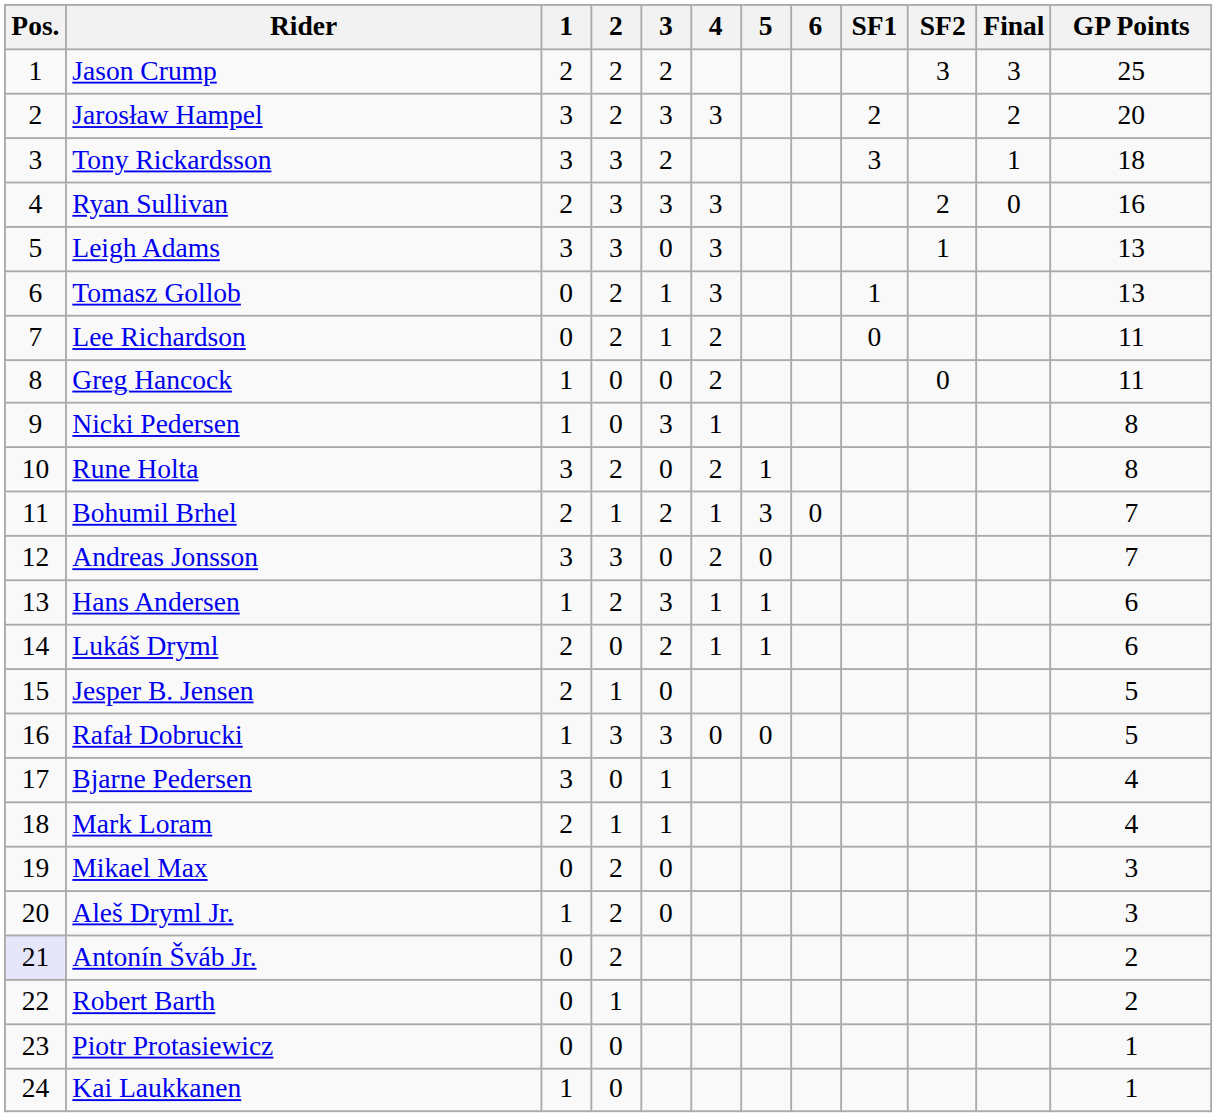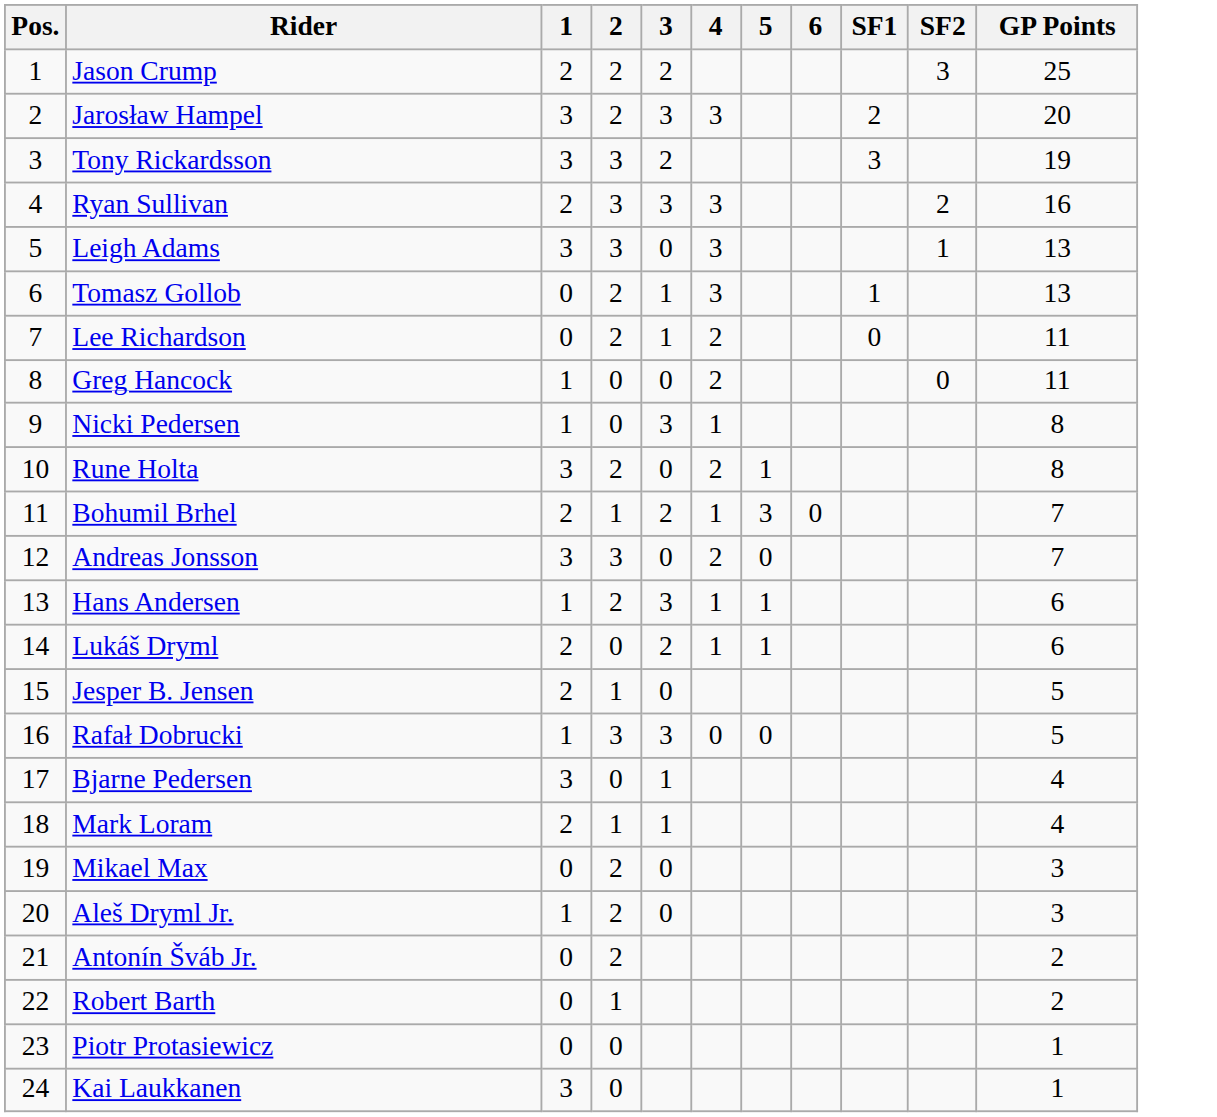 <table class=wikitable style="font-size:93%;">
 <tr>
 <th width=25px>Pos.</th>
 <th width=250px>Rider</th>
 <th width=20px>1</th>
 <th width=20px>2</th>
 <th width=20px>3</th>
 <th width=20px>4</th>
 <th width=20px>5</th>
 <th width=20px>6</th>
 <th width=30px>SF1</th>
 <th width=30px>SF2</th>
-<th width=30px>Final</th>
 <th width=80px>GP Points</th>
 </tr>
 <tr align=center style="background-color:">
 <td>1</td>
 <td align=left> <a href='#'>Jason Crump</a></td>
 <td>2</td>
 <td>2</td>
 <td>2</td>
 <td></td>
 <td></td>
 <td></td>
 <td></td>
-<td>3</td>
 <td>3</td>
 <td>25</td>
 </tr>
 <tr align=center style="background-color:">
 <td>2</td>
 <td align=left> <a href='#'>Jarosław Hampel</a></td>
 <td>3</td>
 <td>2</td>
 <td>3</td>
 <td>3</td>
 <td></td>
 <td></td>
 <td> 2</td>
 <td></td>
-<td>2</td>
 <td>20</td>
 </tr>
 <tr align=center style="background-color:">
 <td>3</td>
 <td align=left> <a href='#'>Tony Rickardsson</a></td>
 <td>3</td>
 <td>3</td>
 <td>2</td>
 <td></td>
 <td></td>
 <td></td>
 <td>3</td>
 <td></td>
-<td>1</td>
-<td>18</td>
+<td>19</td>
 </tr>
 <tr align=center>
 <td>4</td>
 <td align=left> <a href='#'>Ryan Sullivan</a></td>
 <td>2</td>
 <td>3</td>
 <td>3</td>
 <td>3</td>
 <td></td>
 <td></td>
 <td></td>
 <td>2</td>
-<td>0</td>
 <td>16</td>
 </tr>
 <tr align=center>
 <td>5</td>
 <td align=left> <a href='#'>Leigh Adams</a></td>
 <td>3</td>
 <td>3</td>
 <td>0</td>
 <td>3</td>
 <td></td>
 <td></td>
 <td></td>
 <td>1</td>
-<td></td>
 <td>13</td>
 </tr>
 <tr align=center>
 <td>6</td>
 <td align=left> <a href='#'>Tomasz Gollob</a></td>
 <td>0</td>
 <td>2</td>
 <td>1</td>
 <td>3</td>
 <td></td>
 <td></td>
 <td>1</td>
-<td></td>
 <td></td>
 <td>13</td>
 </tr>
 <tr align=center>
 <td>7</td>
 <td align=left> <a href='#'>Lee Richardson</a></td>
 <td>0</td>
 <td>2</td>
 <td>1</td>
 <td>2</td>
 <td></td>
 <td></td>
 <td>0</td>
 <td></td>
-<td></td>
 <td>11</td>
 </tr>
 <tr align=center>
 <td>8</td>
 <td align=left> <a href='#'>Greg Hancock</a></td>
 <td>1</td>
 <td>0</td>
 <td>0</td>
 <td>2</td>
 <td></td>
 <td></td>
 <td></td>
 <td>0</td>
-<td></td>
 <td>11</td>
 </tr>
 <tr align=center>
 <td>9</td>
 <td align=left> <a href='#'>Nicki Pedersen</a></td>
 <td>1</td>
 <td>0</td>
 <td>3</td>
 <td>1</td>
-<td></td>
 <td></td>
 <td></td>
 <td></td>
 <td></td>
 <td>8</td>
 </tr>
 <tr align=center>
 <td>10</td>
 <td align=left> <a href='#'>Rune Holta</a></td>
 <td>3</td>
 <td>2</td>
 <td>0</td>
 <td>2</td>
 <td>1</td>
 <td></td>
 <td></td>
 <td></td>
-<td></td>
 <td>8</td>
 </tr>
 <tr align=center>
 <td>11</td>
 <td align=left> <a href='#'>Bohumil Brhel</a></td>
 <td>2</td>
 <td>1</td>
 <td>2</td>
 <td>1</td>
 <td>3</td>
 <td>0</td>
 <td></td>
 <td></td>
-<td></td>
 <td>7</td>
 </tr>
 <tr align=center>
 <td>12</td>
 <td align=left> <a href='#'>Andreas Jonsson</a></td>
 <td>3</td>
 <td>3</td>
 <td>0</td>
 <td>2</td>
 <td>0</td>
-<td></td>
 <td></td>
 <td></td>
 <td></td>
 <td>7</td>
 </tr>
 <tr align=center>
 <td>13</td>
 <td align=left> <a href='#'>Hans Andersen</a></td>
 <td>1</td>
 <td>2</td>
 <td>3</td>
 <td>1</td>
 <td>1</td>
 <td></td>
 <td></td>
 <td></td>
-<td></td>
 <td>6</td>
 </tr>
 <tr align=center>
 <td>14</td>
 <td align=left> <a href='#'>Lukáš Dryml</a></td>
 <td>2</td>
 <td>0</td>
 <td>2</td>
 <td>1</td>
 <td>1</td>
 <td></td>
 <td></td>
 <td></td>
-<td></td>
 <td>6</td>
 </tr>
 <tr align=center>
 <td>15</td>
 <td align=left> <a href='#'>Jesper B. Jensen</a></td>
 <td>2</td>
 <td>1</td>
 <td>0</td>
-<td></td>
 <td></td>
 <td></td>
 <td></td>
 <td></td>
 <td></td>
 <td>5</td>
 </tr>
 <tr align=center>
 <td>16</td>
 <td align=left> <a href='#'>Rafał Dobrucki</a></td>
 <td>1</td>
 <td>3</td>
 <td>3</td>
 <td>0</td>
 <td>0</td>
 <td></td>
 <td></td>
 <td></td>
-<td></td>
 <td>5</td>
 </tr>
 <tr align=center>
 <td>17</td>
 <td align=left> <a href='#'>Bjarne Pedersen</a></td>
 <td>3</td>
 <td>0</td>
 <td>1</td>
-<td></td>
 <td></td>
 <td></td>
 <td></td>
 <td></td>
 <td></td>
 <td>4</td>
 </tr>
 <tr align=center>
 <td>18</td>
 <td align=left> <a href='#'>Mark Loram</a></td>
 <td>2</td>
 <td>1</td>
 <td>1</td>
 <td></td>
 <td></td>
 <td></td>
 <td></td>
 <td></td>
-<td></td>
 <td>4</td>
 </tr>
 <tr align=center>
 <td>19</td>
 <td align=left> <a href='#'>Mikael Max</a></td>
 <td>0</td>
 <td>2</td>
 <td>0</td>
-<td></td>
 <td></td>
 <td></td>
 <td></td>
 <td></td>
 <td></td>
 <td>3</td>
 </tr>
 <tr align=center>
 <td>20</td>
 <td align=left> <a href='#'>Aleš Dryml Jr.</a></td>
 <td>1</td>
 <td>2</td>
 <td>0</td>
 <td></td>
 <td></td>
 <td></td>
 <td></td>
 <td></td>
-<td></td>
 <td>3</td>
 </tr>
 <tr align=center>
-<td style="background: lavender;">21</td>
+<td>21</td>
 <td align=left> <a href='#'>Antonín Šváb Jr.</a></td>
 <td>0</td>
 <td>2</td>
-<td></td>
 <td></td>
 <td></td>
 <td></td>
 <td></td>
 <td></td>
 <td></td>
 <td>2</td>
 </tr>
 <tr align=center>
 <td>22</td>
 <td align=left> <a href='#'>Robert Barth</a></td>
 <td>0</td>
 <td>1</td>
 <td></td>
 <td></td>
 <td></td>
 <td></td>
 <td></td>
 <td></td>
-<td></td>
 <td>2</td>
 </tr>
 <tr align=center>
 <td>23</td>
 <td align=left> <a href='#'>Piotr Protasiewicz</a></td>
 <td>0</td>
 <td>0</td>
 <td></td>
 <td></td>
 <td></td>
 <td></td>
 <td></td>
 <td></td>
-<td></td>
 <td>1</td>
 </tr>
 <tr align=center>
 <td>24</td>
 <td align=left> <a href='#'>Kai Laukkanen</a></td>
-<td>1</td>
+<td>3</td>
 <td>0</td>
-<td></td>
 <td></td>
 <td></td>
 <td></td>
 <td></td>
 <td></td>
 <td></td>
 <td>1</td>
 </tr>
 </table>
